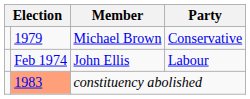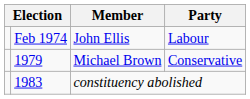 <table class="wikitable">
 <tr>
 <th colspan="2">Election</th>
 <th>Member</th>
 <th>Party</th>
 </tr>
 <tr>
 <td style="color:inherit;background-color: "></td>
+<td><a href='#'>Feb 1974</a></td>
+<td><a href='#'>John Ellis</a></td>
+<td><a href='#'>Labour</a></td>
+</tr>
+<tr>
+<td style="color:inherit;background-color: "></td>
 <td><a href='#'>1979</a></td>
 <td><a href='#'>Michael Brown</a></td>
 <td><a href='#'>Conservative</a></td>
 </tr>
 <tr>
-<td style="color:inherit;background-color: "></td>
-<td><a href='#'>Feb 1974</a></td>
-<td><a href='#'>John Ellis</a></td>
-<td><a href='#'>Labour</a></td>
-</tr>
-<tr>
 <td></td>
-<td style="background: lightsalmon;"><a href='#'>1983</a></td>
+<td><a href='#'>1983</a></td>
 <td colspan="2"><em>constituency abolished</em></td>
 </tr>
 </table>
